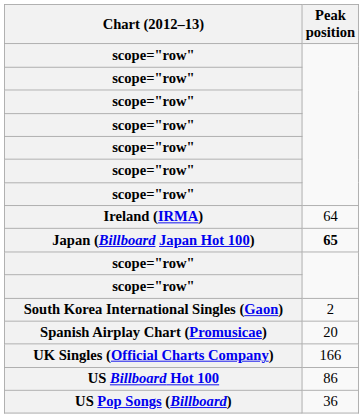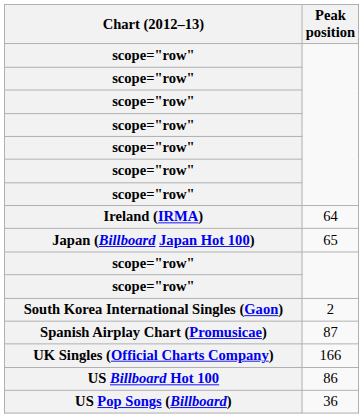 <table class="wikitable sortable plainrowheaders">
 <tr>
 <th scope="col" style="width:20em;">Chart (2012–13)</th>
 <th scope="col">Peak<br>position</th>
 </tr>
 <tr>
 <th>scope="row" </th>
 </tr>
 <tr>
 <th>scope="row" </th>
 </tr>
 <tr>
 <th>scope="row" </th>
 </tr>
 <tr>
 <th>scope="row" </th>
 </tr>
 <tr>
 <th>scope="row" </th>
 </tr>
 <tr>
 <th>scope="row" </th>
 </tr>
 <tr>
 <th>scope="row" </th>
 </tr>
 <tr>
 <th scope="row">Ireland (<a href='#'>IRMA</a>)</th>
 <td style="text-align:center;">64</td>
 </tr>
 <tr>
 <th scope="row">Japan (<em><a href='#'>Billboard</a></em> <a href='#'>Japan Hot 100</a>)</th>
-<td style="text-align:center;"><strong>65</strong></td>
+<td style="text-align:center;">65</td>
 </tr>
 <tr>
 <th>scope="row" </th>
 </tr>
 <tr>
 <th>scope="row" </th>
 </tr>
 <tr>
 <th scope="row">South Korea International Singles (<a href='#'>Gaon</a>)</th>
 <td style="text-align:center;">2</td>
 </tr>
 <tr>
 <th scope="row">Spanish Airplay Chart (<a href='#'>Promusicae</a>)</th>
-<td style="text-align:center;">20</td>
+<td style="text-align:center;">87</td>
 </tr>
 <tr>
 <th scope="row">UK Singles (<a href='#'>Official Charts Company</a>)</th>
 <td style="text-align:center;">166</td>
 </tr>
 <tr>
 <th scope="row">US <a href='#'><em>Billboard</em> Hot 100</a></th>
 <td style="text-align:center;">86</td>
 </tr>
 <tr>
 <th scope="row">US <a href='#'>Pop Songs</a> (<em><a href='#'>Billboard</a></em>)</th>
 <td style="text-align:center;">36</td>
 </tr>
 </table>
